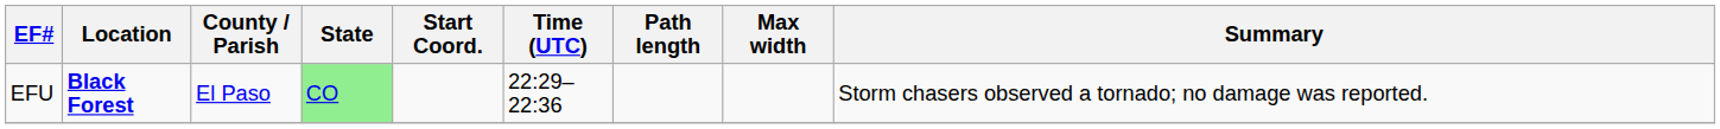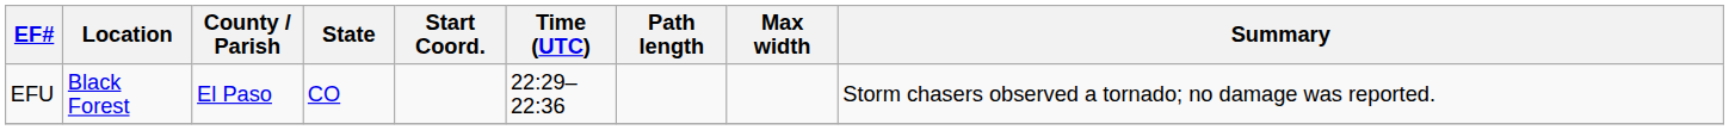 <table class="wikitable sortable" style="width:100%;">
 <tr>
 <th scope="col" style="width:3%; text-align:center;"><a href='#'>EF#</a></th>
 <th scope="col" style="width:7%; text-align:center;" class="unsortable">Location</th>
 <th scope="col" style="width:6%; text-align:center;" class="unsortable">County / Parish</th>
 <th scope="col" style="width:5%; text-align:center;">State</th>
 <th scope="col" style="width:6%; text-align:center;">Start Coord.</th>
 <th scope="col" style="width:6%; text-align:center;">Time (<a href='#'>UTC</a>)</th>
 <th scope="col" style="width:6%; text-align:center;">Path length</th>
 <th scope="col" style="width:6%; text-align:center;">Max width</th>
 <th scope="col" class="unsortable" style="width:48%; text-align:center;">Summary</th>
 </tr>
 <tr>
 <td bgcolor=>EFU</td>
-<td><strong><a href='#'>Black Forest</a></strong></td>
+<td><a href='#'>Black Forest</a></td>
 <td><a href='#'>El Paso</a></td>
-<td style="background: lightgreen;"><a href='#'>CO</a></td>
+<td><a href='#'>CO</a></td>
 <td></td>
 <td>22:29–22:36</td>
 <td></td>
 <td></td>
 <td>Storm chasers observed a tornado; no damage was reported.</td>
 </tr>
 <tr>
 </tr>
 </table>
